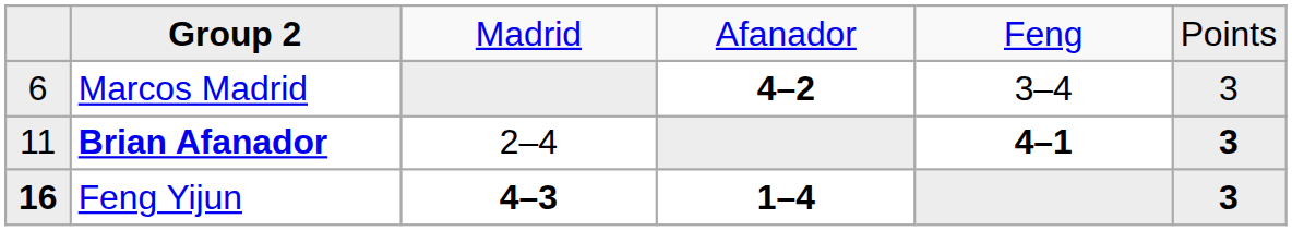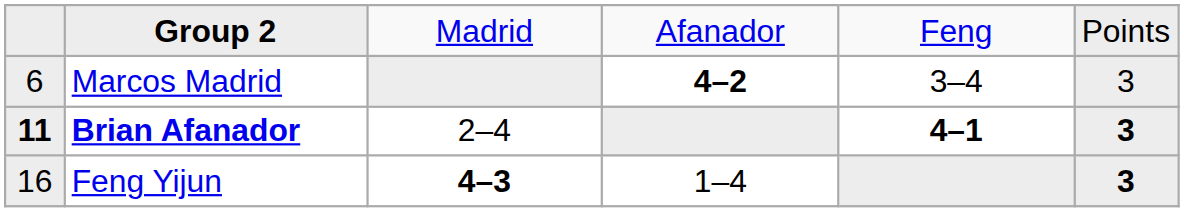 <table class="wikitable" style="font-size:90%">
 <tr style="text-align:center;">
 <td style="background-color:#ededed;" width="20"></td>
 <td style="background-color:#ededed;" width="130" style="text-align:center;"><strong>Group 2</strong></td>
 <td width="100"> <a href='#'>Madrid</a></td>
 <td width="100"> <a href='#'>Afanador</a></td>
 <td width="100"> <a href='#'>Feng</a></td>
 <td style="background-color:#ededed;" width="30">Points</td>
 </tr>
 <tr style="text-align:center;background-color:#ffffff;">
 <td style="background-color:#ededed;">6</td>
 <td style="text-align:left;"> <a href='#'>Marcos Madrid</a></td>
 <td style="background-color:#ededed;"></td>
 <td><strong>4–2</strong></td>
 <td>3–4</td>
 <td style="background-color:#ededed;">3</td>
 </tr>
 <tr style="text-align:center;background-color:#ffffff;">
-<td style="background-color:#ededed;">11</td>
+<td style="background-color:#ededed;"><strong>11</strong></td>
 <td style="text-align:left;"> <strong><a href='#'>Brian Afanador</a></strong></td>
 <td>2–4</td>
 <td style="background-color:#ededed;"></td>
 <td><strong>4–1</strong></td>
 <td style="background-color:#ededed;"><strong>3</strong></td>
 </tr>
 <tr style="text-align:center;background-color:#ffffff;">
-<td style="background-color:#ededed;"><strong>16</strong></td>
+<td style="background-color:#ededed;">16</td>
 <td style="text-align:left;"> <a href='#'>Feng Yijun</a></td>
 <td><strong>4–3</strong></td>
-<td><strong>1–4</strong></td>
+<td>1–4</td>
 <td style="background-color:#ededed;"></td>
 <td style="background-color:#ededed;"><strong>3</strong></td>
 </tr>
 </table>
